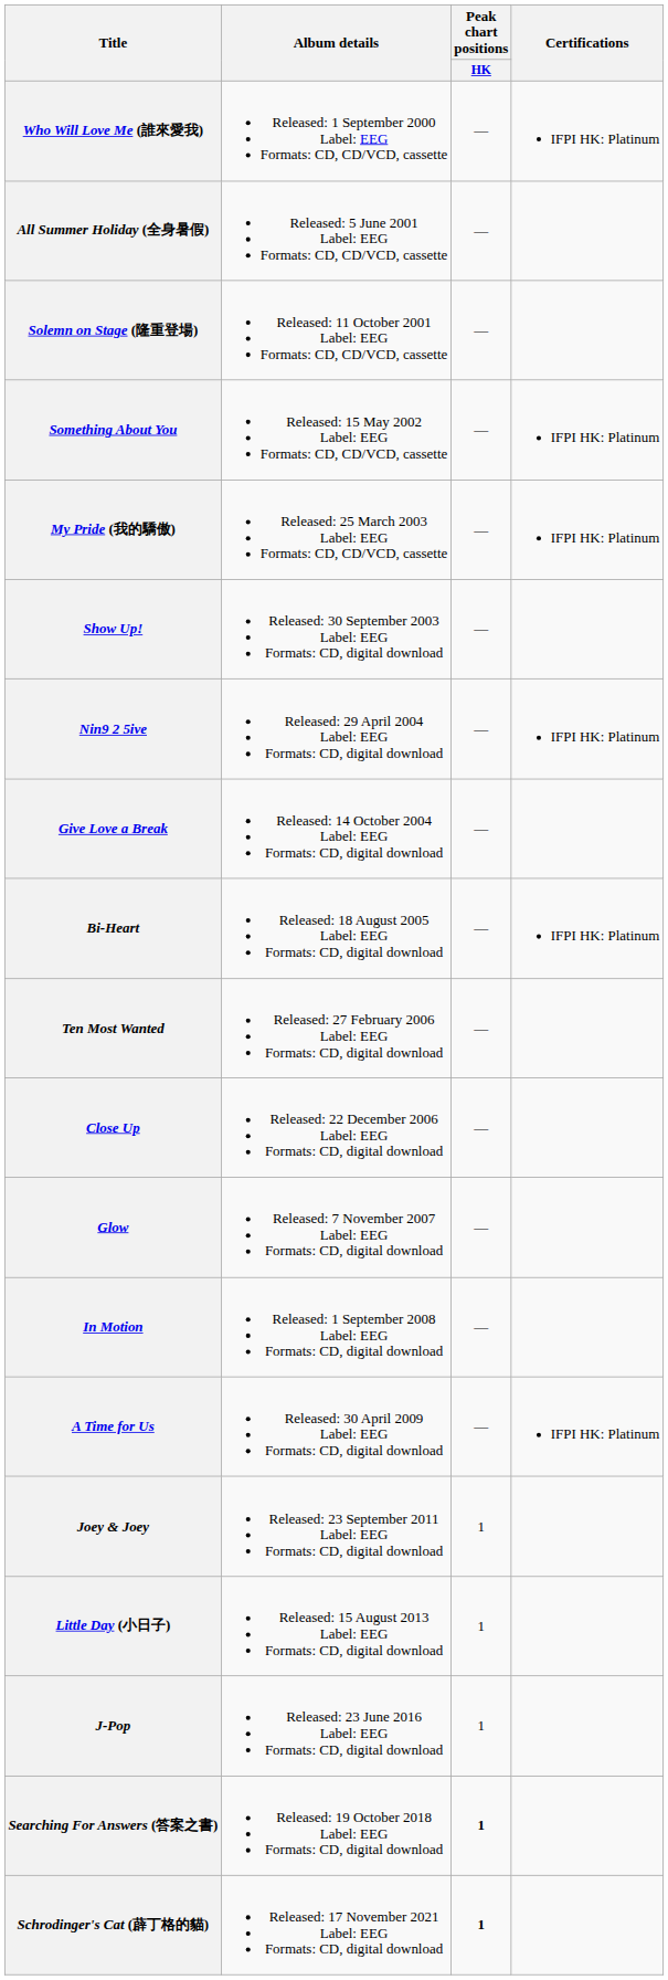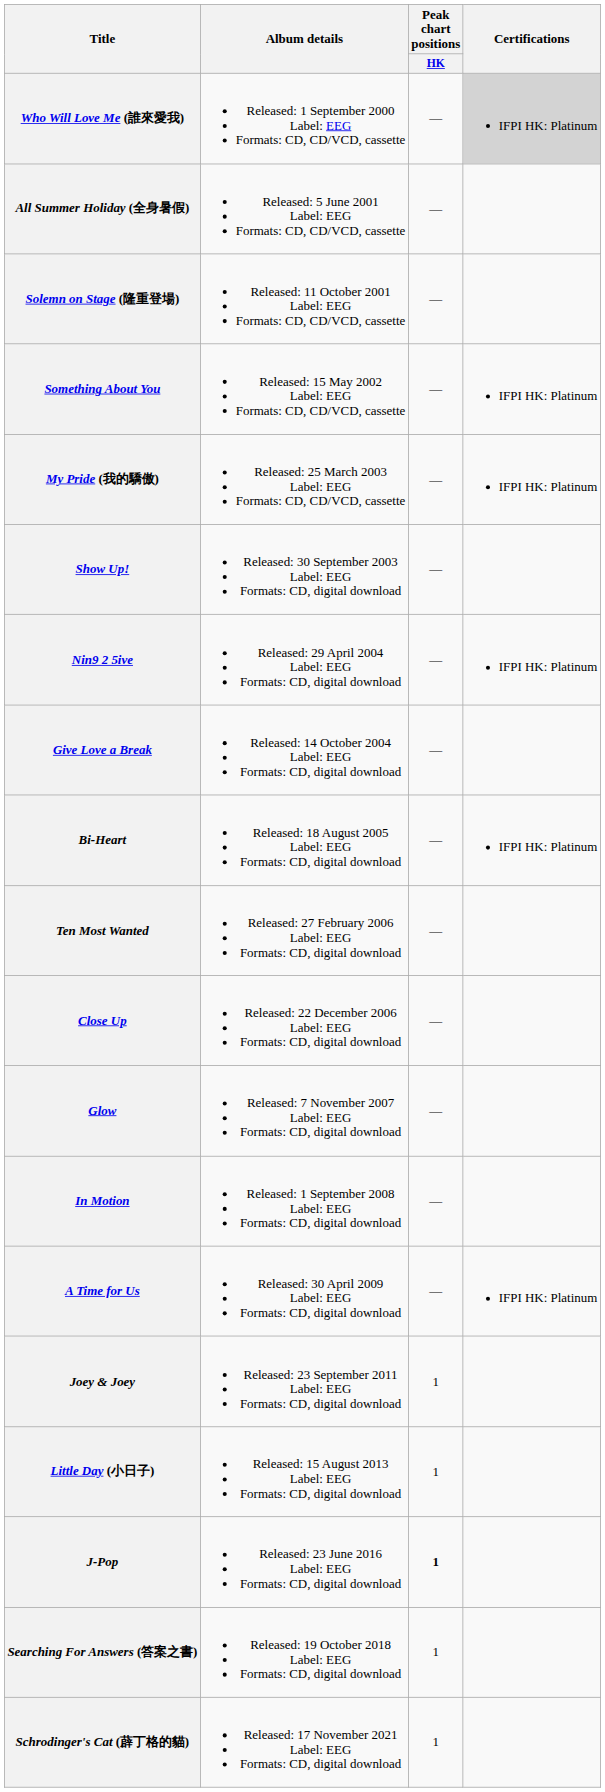 <table class="wikitable plainrowheaders" style="text-align:center;">
 <tr>
 <th rowspan="2">Title</th>
 <th rowspan="2">Album details</th>
 <th>Peak chart positions</th>
 <th rowspan="2">Certifications</th>
 </tr>
 <tr>
 <th scope="col" style="width:3em;font-size:90%;"><a href='#'>HK</a><br></th>
 </tr>
 <tr>
 <th scope="row"><em><a href='#'>Who Will Love Me</a></em> (誰來愛我)</th>
 <td><br><ul><li>Released: 1 September 2000</li><li>Label: <a href='#'>EEG</a></li><li>Formats: CD, CD/VCD, cassette</li></ul></td>
 <td>—</td>
-<td><br><ul><li>IFPI HK: Platinum</li></ul></td>
+<td style="background: lightgrey;"><br><ul><li>IFPI HK: Platinum</li></ul></td>
 </tr>
 <tr>
 <th scope="row"><em>All Summer Holiday</em> (全身暑假)</th>
 <td><br><ul><li>Released: 5 June 2001</li><li>Label: EEG</li><li>Formats: CD, CD/VCD, cassette</li></ul></td>
 <td>—</td>
 <td></td>
 </tr>
 <tr>
 <th scope="row"><em><a href='#'>Solemn on Stage</a></em> (隆重登場)</th>
 <td><br><ul><li>Released: 11 October 2001</li><li>Label: EEG</li><li>Formats: CD, CD/VCD, cassette</li></ul></td>
 <td>—</td>
 <td></td>
 </tr>
 <tr>
 <th scope="row"><em><a href='#'>Something About You</a></em></th>
 <td><br><ul><li>Released: 15 May 2002</li><li>Label: EEG</li><li>Formats: CD, CD/VCD, cassette</li></ul></td>
 <td>—</td>
 <td><br><ul><li>IFPI HK: Platinum</li></ul></td>
 </tr>
 <tr>
 <th scope="row"><em><a href='#'>My Pride</a></em> (我的驕傲)</th>
 <td><br><ul><li>Released: 25 March 2003</li><li>Label: EEG</li><li>Formats: CD, CD/VCD, cassette</li></ul></td>
 <td>—</td>
 <td><br><ul><li>IFPI HK: Platinum</li></ul></td>
 </tr>
 <tr>
 <th scope="row"><em><a href='#'>Show Up!</a></em></th>
 <td><br><ul><li>Released: 30 September 2003</li><li>Label: EEG</li><li>Formats: CD, digital download</li></ul></td>
 <td>—</td>
 <td></td>
 </tr>
 <tr>
 <th scope="row"><em><a href='#'>Nin9 2 5ive</a></em></th>
 <td><br><ul><li>Released: 29 April 2004</li><li>Label: EEG</li><li>Formats: CD, digital download</li></ul></td>
 <td>—</td>
 <td><br><ul><li>IFPI HK: Platinum</li></ul></td>
 </tr>
 <tr>
 <th scope="row"><em><a href='#'>Give Love a Break</a></em></th>
 <td><br><ul><li>Released: 14 October 2004</li><li>Label: EEG</li><li>Formats: CD, digital download</li></ul></td>
 <td>—</td>
 <td></td>
 </tr>
 <tr>
 <th scope="row"><em>Bi-Heart</em></th>
 <td><br><ul><li>Released: 18 August 2005</li><li>Label: EEG</li><li>Formats: CD, digital download</li></ul></td>
 <td>—</td>
 <td><br><ul><li>IFPI HK: Platinum</li></ul></td>
 </tr>
 <tr>
 <th scope="row"><em>Ten Most Wanted</em></th>
 <td><br><ul><li>Released: 27 February 2006</li><li>Label: EEG</li><li>Formats: CD, digital download</li></ul></td>
 <td>—</td>
 <td></td>
 </tr>
 <tr>
 <th scope="row"><em><a href='#'>Close Up</a></em></th>
 <td><br><ul><li>Released: 22 December 2006</li><li>Label: EEG</li><li>Formats: CD, digital download</li></ul></td>
 <td>—</td>
 <td></td>
 </tr>
 <tr>
 <th scope="row"><em><a href='#'>Glow</a></em></th>
 <td><br><ul><li>Released: 7 November 2007</li><li>Label: EEG</li><li>Formats: CD, digital download</li></ul></td>
 <td>—</td>
 <td></td>
 </tr>
 <tr>
 <th scope="row"><em><a href='#'>In Motion</a></em></th>
 <td><br><ul><li>Released: 1 September 2008</li><li>Label: EEG</li><li>Formats: CD, digital download</li></ul></td>
 <td>—</td>
 <td></td>
 </tr>
 <tr>
 <th scope="row"><em><a href='#'>A Time for Us</a></em></th>
 <td><br><ul><li>Released: 30 April 2009</li><li>Label: EEG</li><li>Formats: CD, digital download</li></ul></td>
 <td>—</td>
 <td><br><ul><li>IFPI HK: Platinum</li></ul></td>
 </tr>
 <tr>
 <th scope="row"><em>Joey & Joey</em></th>
 <td><br><ul><li>Released: 23 September 2011</li><li>Label: EEG</li><li>Formats: CD, digital download</li></ul></td>
 <td>1</td>
 <td></td>
 </tr>
 <tr>
 <th scope="row"><em><a href='#'>Little Day</a></em> (小日子)</th>
 <td><br><ul><li>Released: 15 August 2013</li><li>Label: EEG</li><li>Formats: CD, digital download</li></ul></td>
 <td>1</td>
 <td></td>
 </tr>
 <tr>
 <th scope="row"><em>J-Pop</em></th>
 <td><br><ul><li>Released: 23 June 2016</li><li>Label: EEG</li><li>Formats: CD, digital download</li></ul></td>
-<td>1</td>
+<td><strong>1</strong></td>
 <td></td>
 </tr>
 <tr>
 <th scope="row"><em>Searching For Answers</em> (答案之書)</th>
 <td><br><ul><li>Released: 19 October 2018</li><li>Label: EEG</li><li>Formats: CD, digital download</li></ul></td>
-<td><strong>1</strong></td>
+<td>1</td>
 <td></td>
 </tr>
 <tr>
 <th scope="row"><em>Schrodinger's Cat</em> (薜丁格的貓)</th>
 <td><br><ul><li>Released: 17 November 2021</li><li>Label: EEG</li><li>Formats: CD, digital download</li></ul></td>
-<td><strong>1</strong></td>
+<td>1</td>
 <td></td>
 </tr>
 </table>
